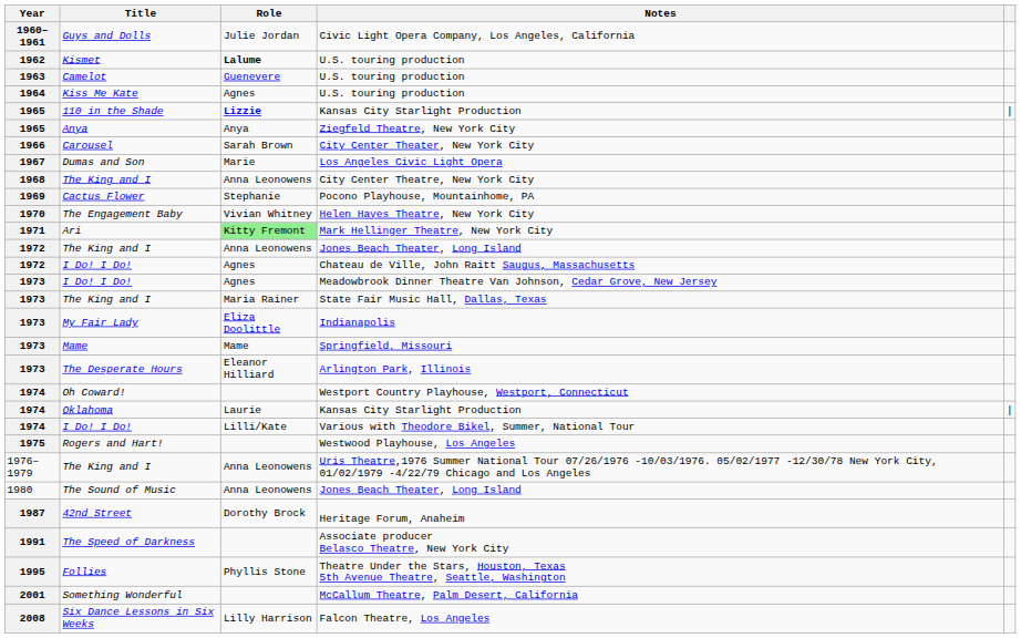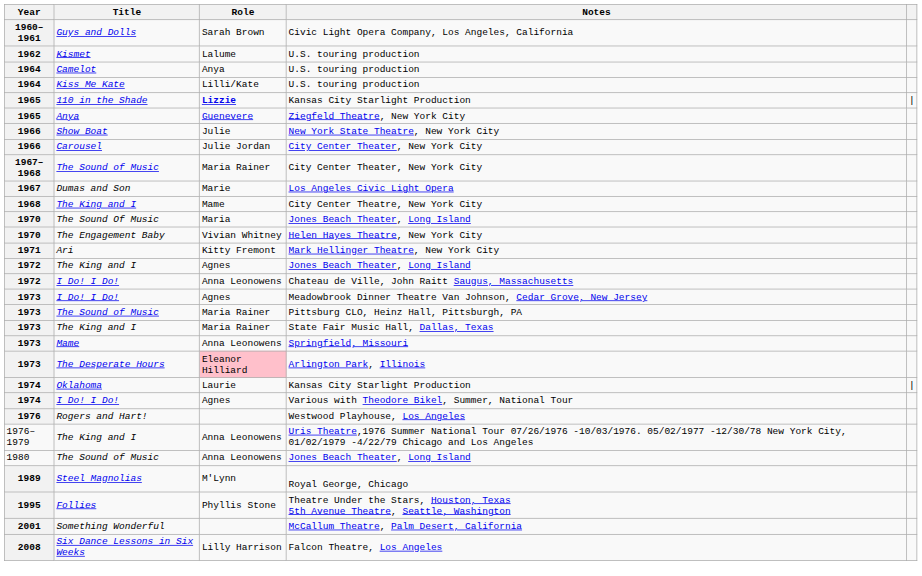 <table class="wikitable plainrowheaders sortable">
 <tr>
 <th>Year</th>
 <th>Title</th>
 <th>Role</th>
 <th>Notes</th>
 <th class="unsortable"></th>
 </tr>
 <tr>
 <th scope="row">1960–1961</th>
 <td><em><a href='#'>Guys and Dolls</a></em></td>
-<td>Julie Jordan</td>
+<td>Sarah Brown</td>
 <td>Civic Light Opera Company, Los Angeles, California</td>
 <td style="text-align:center;"></td>
 </tr>
 <tr>
 <th scope="row">1962</th>
 <td><em><a href='#'>Kismet</a></em></td>
-<td><strong>Lalume</strong></td>
+<td>Lalume</td>
 <td>U.S. touring production</td>
 <td style="text-align:center;"></td>
 </tr>
 <tr>
-<th scope="row">1963</th>
+<th scope="row">1964</th>
 <td><em><a href='#'>Camelot</a></em></td>
-<td><a href='#'>Guenevere</a></td>
+<td>Anya</td>
 <td>U.S. touring production</td>
 <td style="text-align:center;"></td>
 </tr>
 <tr>
 <th scope="row">1964</th>
 <td><em><a href='#'>Kiss Me Kate</a></em></td>
-<td>Agnes</td>
+<td>Lilli/Kate</td>
 <td>U.S. touring production</td>
 <td style="text-align:center;"></td>
 </tr>
 <tr>
 <th scope="row">1965</th>
 <td><em><a href='#'>110 in the Shade</a></em></td>
 <td><strong><a href='#'>Lizzie</a></strong></td>
 <td>Kansas City Starlight Production</td>
 <td style="text-align:center;">| </td>
 </tr>
 <tr>
 <th scope="row">1965</th>
 <td><em><a href='#'>Anya</a></em></td>
-<td>Anya</td>
+<td><a href='#'>Guenevere</a></td>
 <td><a href='#'>Ziegfeld Theatre</a>, New York City</td>
 <td style="text-align:center;"></td>
 </tr>
 <tr>
 <th scope="row">1966</th>
+<td><em><a href='#'>Show Boat</a></em></td>
+<td>Julie</td>
+<td><a href='#'>New York State Theatre</a>, New York City</td>
+<td style="text-align:center;"></td>
+</tr>
+<tr>
+<th scope="row">1966</th>
 <td><em><a href='#'>Carousel</a></em></td>
-<td>Sarah Brown</td>
+<td>Julie Jordan</td>
 <td><a href='#'>City Center Theater</a>, New York City</td>
+<td style="text-align:center;"></td>
+</tr>
+<tr>
+<th scope="row">1967–1968</th>
+<td data-sort-value="Sound"><em><a href='#'>The Sound of Music</a></em></td>
+<td>Maria Rainer</td>
+<td>City Center Theater, New York City</td>
 <td style="text-align:center;"></td>
 </tr>
 <tr>
 <th scope="row">1967</th>
 <td><em>Dumas and Son</em></td>
 <td>Marie</td>
 <td><a href='#'>Los Angeles Civic Light Opera</a></td>
 <td style="text-align:center;"></td>
 </tr>
 <tr>
 <th scope="row">1968</th>
 <td data-sort-value="King"><em><a href='#'>The King and I</a></em></td>
-<td>Anna Leonowens</td>
+<td>Mame</td>
 <td>City Center Theatre, New York City</td>
 <td style="text-align:center;"></td>
 </tr>
 <tr>
-<th scope="row">1969</th>
-<td data-sort-value="Catcu"><em><a href='#'>Cactus Flower</a></em></td>
-<td>Stephanie</td>
-<td>Pocono Playhouse, Mountainhome, PA</td>
+<th scope="row">1970</th>
+<td data-sort-value="Music"><em>The Sound Of Music</em></td>
+<td>Maria</td>
+<td><a href='#'>Jones Beach Theater</a>, <a href='#'>Long Island</a></td>
 <td style="text-align:center;"></td>
 </tr>
 <tr>
 <th scope="row">1970</th>
 <td data-sort-value="Engagement"><em>The Engagement Baby</em></td>
 <td>Vivian Whitney</td>
 <td><a href='#'>Helen Hayes Theatre</a>, New York City</td>
 <td style="text-align:center;"></td>
 </tr>
 <tr>
 <th scope="row">1971</th>
 <td><em>Ari</em></td>
-<td style="background: lightgreen;">Kitty Fremont</td>
+<td>Kitty Fremont</td>
 <td><a href='#'>Mark Hellinger Theatre</a>, New York City</td>
 <td style="text-align:center;"></td>
 </tr>
 <tr>
 <th scope="row">1972</th>
 <td data-sort-value="King"><em>The King and I</em></td>
-<td>Anna Leonowens</td>
+<td>Agnes</td>
 <td><a href='#'>Jones Beach Theater</a>, <a href='#'>Long Island</a></td>
 <td style="text-align:center;"></td>
 </tr>
 <tr>
 <th scope="row">1972</th>
 <td><em><a href='#'>I Do! I Do!</a></em></td>
-<td>Agnes</td>
+<td>Anna Leonowens</td>
 <td>Chateau de Ville, John Raitt <a href='#'>Saugus, Massachusetts</a></td>
 <td style="text-align:center;"></td>
 </tr>
 <tr>
 <th scope="row">1973</th>
 <td><em><a href='#'>I Do! I Do!</a></em></td>
 <td>Agnes</td>
 <td>Meadowbrook Dinner Theatre Van Johnson, <a href='#'>Cedar Grove, New Jersey</a></td>
 <td style="text-align:center;"></td>
 </tr>
 <tr>
 <th scope="row">1973</th>
+<td data-sort-value="Sound"><em><a href='#'>The Sound of Music</a></em></td>
+<td>Maria Rainer</td>
+<td>Pittsburg CLO, Heinz Hall, Pittsburgh, PA</td>
+<td style="text-align:center;"></td>
+</tr>
+<tr>
+<th scope="row">1973</th>
 <td data-sort-value="King"><em>The King and I</em></td>
 <td>Maria Rainer</td>
 <td>State Fair Music Hall, <a href='#'>Dallas, Texas</a></td>
 <td style="text-align:center;"></td>
 </tr>
 <tr>
 <th scope="row">1973</th>
-<td><em><a href='#'>My Fair Lady</a></em></td>
-<td><a href='#'>Eliza Doolittle</a></td>
-<td><a href='#'>Indianapolis</a></td>
-<td style="text-align:center;"></td>
-</tr>
-<tr>
-<th scope="row">1973</th>
 <td><em><a href='#'>Mame</a></em></td>
-<td>Mame</td>
+<td>Anna Leonowens</td>
 <td><a href='#'>Springfield, Missouri</a></td>
 <td style="text-align:center;"></td>
 </tr>
 <tr>
 <th scope="row">1973</th>
 <td data-sort-value="Desperate"><em><a href='#'>The Desperate Hours</a></em></td>
-<td>Eleanor Hilliard</td>
+<td style="background: pink;">Eleanor Hilliard</td>
 <td><a href='#'>Arlington Park</a>, <a href='#'>Illinois</a></td>
-<td style="text-align:center;"></td>
-</tr>
-<tr>
-<th scope="row">1974</th>
-<td><em>Oh Coward!</em></td>
-<td></td>
-<td>Westport Country Playhouse, <a href='#'>Westport, Connecticut</a></td>
 <td style="text-align:center;"></td>
 </tr>
 <tr>
 <th scope="row">1974</th>
 <td><em><a href='#'>Oklahoma</a></em></td>
 <td>Laurie</td>
 <td>Kansas City Starlight Production</td>
 <td style="text-align:center;">| </td>
 </tr>
 <tr>
 <th scope="row">1974</th>
 <td><em><a href='#'>I Do! I Do!</a></em></td>
-<td>Lilli/Kate</td>
+<td>Agnes</td>
 <td>Various with <a href='#'>Theodore Bikel</a>, Summer, National Tour</td>
 <td style="text-align:center;"></td>
 </tr>
 <tr>
-<th scope="row">1975</th>
+<th scope="row">1976</th>
 <td><em>Rogers and Hart!</em></td>
 <td></td>
 <td>Westwood Playhouse, <a href='#'>Los Angeles</a></td>
 <td style="text-align:center;"></td>
 </tr>
 <tr>
 <td scope="row">1976–1979</td>
 <td data-sort-value="King"><em>The King and I</em></td>
 <td>Anna Leonowens</td>
 <td><a href='#'>Uris Theatre</a>,1976 Summer National Tour 07/26/1976 -10/03/1976. 05/02/1977 -12/30/78 New York City, 01/02/1979 -4/22/79 Chicago and Los Angeles</td>
 <td style="text-align:center;"></td>
 </tr>
 <tr>
 <td scope="row">1980</td>
 <td data-sort-value="Sound"><em>The Sound of Music</em></td>
 <td>Anna Leonowens</td>
 <td><a href='#'>Jones Beach Theater</a>, <a href='#'>Long Island</a></td>
 <td style="text-align:center;"></td>
 </tr>
 <tr>
-<th scope="row">1987</th>
-<td data-sort-value="42nd"><em><a href='#'>42nd Street</a></em></td>
-<td>Dorothy Brock</td>
-<td><br>Heritage Forum, Anaheim</td>
-<td style="text-align:center;"></td>
-</tr>
-<tr>
-<th scope="row">1991</th>
-<td data-sort-value="Speed"><em><a href='#'>The Speed of Darkness</a></em></td>
-<td></td>
-<td>Associate producer<br><a href='#'>Belasco Theatre</a>, New York City</td>
+<th scope="row">1989</th>
+<td data-sort-value="Steel"><em><a href='#'>Steel Magnolias</a></em></td>
+<td>M'Lynn</td>
+<td><br>Royal George, Chicago</td>
 <td style="text-align:center;"></td>
 </tr>
 <tr>
 <th scope="row">1995</th>
 <td><em><a href='#'>Follies</a></em></td>
 <td>Phyllis Stone</td>
 <td>Theatre Under the Stars, <a href='#'>Houston, Texas</a><br><a href='#'>5th Avenue Theatre</a>, <a href='#'>Seattle, Washington</a></td>
 <td style="text-align:center;"></td>
 </tr>
 <tr>
 <th scope="row">2001</th>
 <td><em>Something Wonderful</em></td>
 <td></td>
 <td><a href='#'>McCallum Theatre</a>, <a href='#'>Palm Desert, California</a></td>
 <td style="text-align:center;"></td>
 </tr>
 <tr>
 <th scope="row">2008</th>
 <td><em><a href='#'>Six Dance Lessons in Six Weeks</a></em></td>
 <td>Lilly Harrison</td>
 <td>Falcon Theatre, <a href='#'>Los Angeles</a></td>
 <td style="text-align:center;"></td>
 </tr>
 </table>
